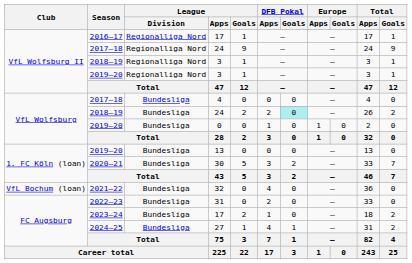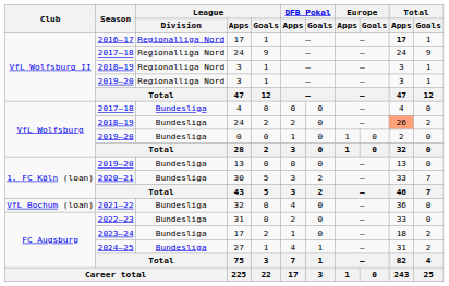 <table class="wikitable" style="text-align: center">
 <tr>
 <th rowspan="2">Club</th>
 <th rowspan="2">Season</th>
 <th colspan="3">League</th>
 <th colspan="2"><a href='#'>DFB Pokal</a></th>
 <th colspan="2">Europe</th>
 <th colspan="2">Total</th>
 </tr>
 <tr>
 <th>Division</th>
 <th>Apps</th>
 <th>Goals</th>
 <th>Apps</th>
 <th>Goals</th>
 <th>Apps</th>
 <th>Goals</th>
 <th>Apps</th>
 <th>Goals</th>
 </tr>
 <tr>
 <td rowspan="5"><a href='#'>VfL Wolfsburg II</a></td>
 <td><a href='#'>2016–17</a></td>
 <td><a href='#'>Regionalliga Nord</a></td>
 <td>17</td>
 <td>1</td>
 <td colspan="2">—</td>
 <td colspan="2">—</td>
-<td>17</td>
+<td><strong>17</strong></td>
 <td>1</td>
 </tr>
 <tr>
 <td><a href='#'>2017–18</a></td>
 <td>Regionalliga Nord</td>
 <td>24</td>
 <td>9</td>
 <td colspan="2">—</td>
 <td colspan="2">—</td>
 <td>24</td>
 <td>9</td>
 </tr>
 <tr>
 <td><a href='#'>2018–19</a></td>
 <td>Regionalliga Nord</td>
 <td>3</td>
 <td>1</td>
 <td colspan="2">—</td>
 <td colspan="2">—</td>
 <td>3</td>
 <td>1</td>
 </tr>
 <tr>
 <td><a href='#'>2019–20</a></td>
 <td>Regionalliga Nord</td>
 <td>3</td>
 <td>1</td>
 <td colspan="2">—</td>
 <td colspan="2">—</td>
 <td>3</td>
 <td>1</td>
 </tr>
 <tr>
 <th colspan="2">Total</th>
 <th>47</th>
 <th>12</th>
 <th colspan="2">—</th>
 <th colspan="2">—</th>
 <th>47</th>
 <th>12</th>
 </tr>
 <tr>
 <td rowspan="4"><a href='#'>VfL Wolfsburg</a></td>
 <td><a href='#'>2017–18</a></td>
 <td><a href='#'>Bundesliga</a></td>
 <td>4</td>
 <td>0</td>
 <td>0</td>
 <td>0</td>
 <td colspan="2">—</td>
 <td>4</td>
 <td>0</td>
 </tr>
 <tr>
 <td><a href='#'>2018–19</a></td>
 <td>Bundesliga</td>
 <td>24</td>
 <td>2</td>
 <td>2</td>
-<td style="background: paleturquoise;">0</td>
+<td>0</td>
 <td colspan="2">—</td>
-<td>26</td>
+<td style="background: lightsalmon;">26</td>
 <td>2</td>
 </tr>
 <tr>
 <td><a href='#'>2019–20</a></td>
 <td>Bundesliga</td>
 <td>0</td>
 <td>0</td>
 <td>1</td>
 <td>0</td>
 <td>1</td>
 <td>0</td>
 <td>2</td>
 <td>0</td>
 </tr>
 <tr>
 <th colspan="2">Total</th>
 <th>28</th>
 <th>2</th>
 <th>3</th>
 <th>0</th>
 <th>1</th>
 <th>0</th>
 <th>32</th>
 <th>0</th>
 </tr>
 <tr>
 <td rowspan="3"><a href='#'>1. FC Köln</a> (loan)</td>
 <td><a href='#'>2019–20</a></td>
 <td>Bundesliga</td>
 <td>13</td>
 <td>0</td>
 <td>0</td>
 <td>0</td>
 <td colspan="2">—</td>
 <td>13</td>
 <td>0</td>
 </tr>
 <tr>
 <td><a href='#'>2020–21</a></td>
 <td>Bundesliga</td>
 <td>30</td>
 <td>5</td>
 <td>3</td>
 <td>2</td>
 <td colspan="2">—</td>
 <td>33</td>
 <td>7</td>
 </tr>
 <tr>
 <th colspan="2">Total</th>
 <th>43</th>
 <th>5</th>
 <th>3</th>
 <th>2</th>
 <th colspan="2">—</th>
 <th>46</th>
 <th>7</th>
 </tr>
 <tr>
 <td><a href='#'>VfL Bochum</a> (loan)</td>
 <td><a href='#'>2021–22</a></td>
 <td>Bundesliga</td>
 <td>32</td>
 <td>0</td>
 <td>4</td>
 <td>0</td>
 <td colspan="2">—</td>
 <td>36</td>
 <td>0</td>
 </tr>
 <tr>
 <td rowspan="4"><a href='#'>FC Augsburg</a></td>
 <td><a href='#'>2022–23</a></td>
 <td>Bundesliga</td>
 <td>31</td>
 <td>0</td>
 <td>2</td>
 <td>0</td>
 <td colspan="2">—</td>
 <td>33</td>
 <td>0</td>
 </tr>
 <tr>
 <td><a href='#'>2023–24</a></td>
 <td>Bundesliga</td>
 <td>17</td>
 <td>2</td>
 <td>1</td>
 <td>0</td>
 <td colspan="2">—</td>
 <td>18</td>
 <td>2</td>
 </tr>
 <tr>
 <td><a href='#'>2024–25</a></td>
 <td><a href='#'>Bundesliga</a></td>
 <td>27</td>
 <td>1</td>
 <td>4</td>
 <td>1</td>
 <td colspan="2">—</td>
 <td>31</td>
 <td>2</td>
 </tr>
 <tr>
 <th colspan="2">Total</th>
 <th>75</th>
 <th>3</th>
 <th>7</th>
 <th>1</th>
 <th colspan="2">—</th>
 <th>82</th>
 <th>4</th>
 </tr>
 <tr>
 <th colspan="3">Career total</th>
 <th>225</th>
 <th>22</th>
 <th>17</th>
 <th>3</th>
 <th>1</th>
 <th>0</th>
 <th>243</th>
 <th>25</th>
 </tr>
 </table>
